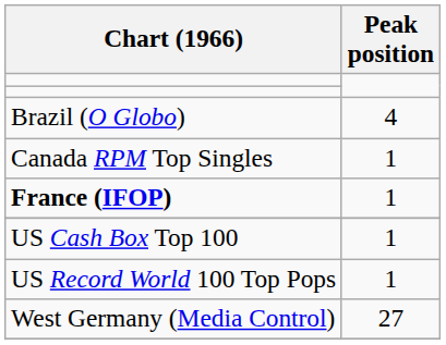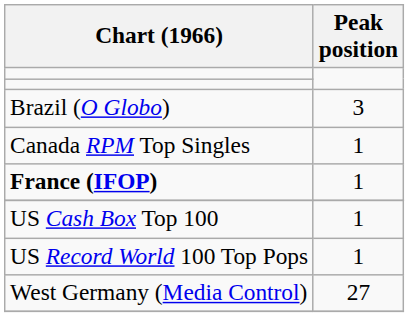 <table class="wikitable sortable">
 <tr>
 <th>Chart (1966)</th>
 <th>Peak<br>position</th>
 </tr>
 <tr>
 <td></td>
 </tr>
 <tr>
 <td></td>
 </tr>
 <tr>
 <td>Brazil (<em><a href='#'>O Globo</a></em>)</td>
-<td style="text-align:center;">4</td>
+<td style="text-align:center;">3</td>
 </tr>
 <tr>
 <td>Canada <em><a href='#'>RPM</a></em> Top Singles</td>
 <td style="text-align:center;">1</td>
 </tr>
 <tr>
 <td><strong>France (<a href='#'>IFOP</a>)</strong></td>
 <td align="center">1</td>
 </tr>
 <tr>
 </tr>
 <tr>
 </tr>
 <tr>
 <td>US <a href='#'><em>Cash Box</em></a> Top 100</td>
 <td align="center">1</td>
 </tr>
 <tr>
 <td>US <em><a href='#'>Record World</a></em> 100 Top Pops</td>
 <td style="text-align:center;">1</td>
 </tr>
 <tr>
 <td>West Germany (<a href='#'>Media Control</a>)</td>
 <td style="text-align:center;">27</td>
 </tr>
 <tr>
 </tr>
 </table>
